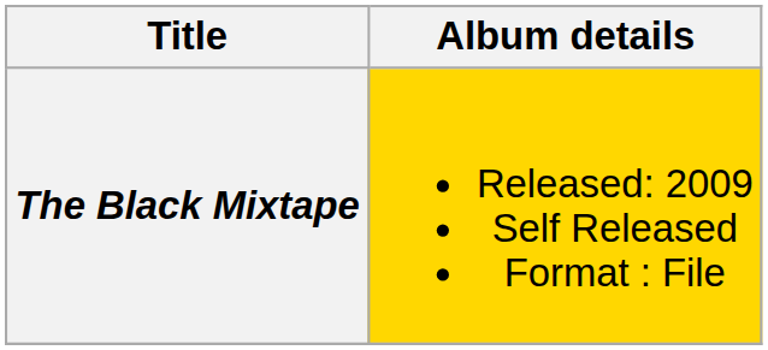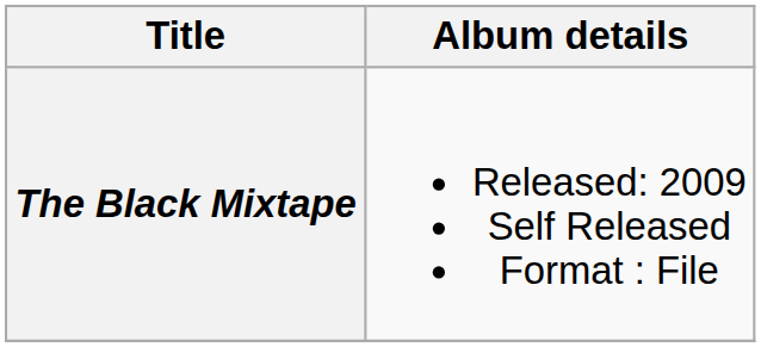 <table class="wikitable plainrowheaders" style="text-align:center;">
 <tr>
 <th scope="col">Title</th>
 <th scope="col">Album details</th>
 </tr>
 <tr>
 <th scope="row"><em>The Black Mixtape</em></th>
-<td style="background: gold;"><br><ul><li>Released: 2009</li><li>Self Released</li><li>Format : File</li></ul></td>
+<td><br><ul><li>Released: 2009</li><li>Self Released</li><li>Format : File</li></ul></td>
 </tr>
 <tr>
 </tr>
 </table>
